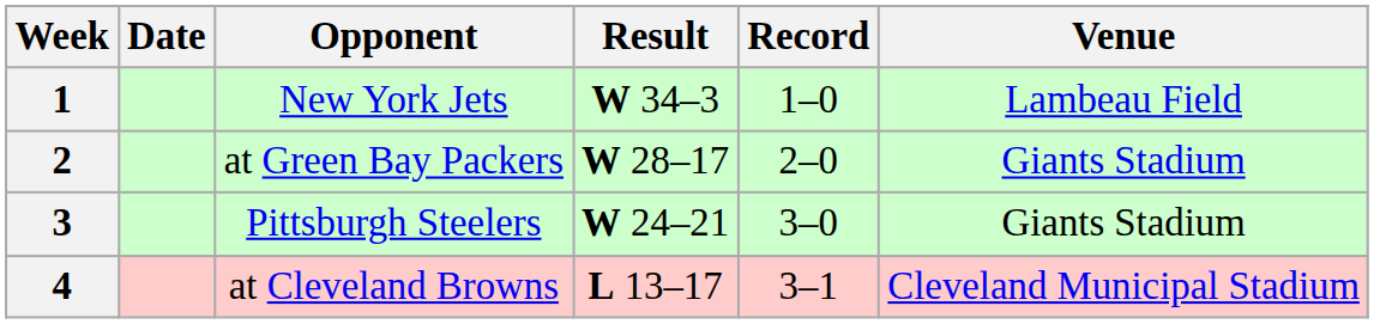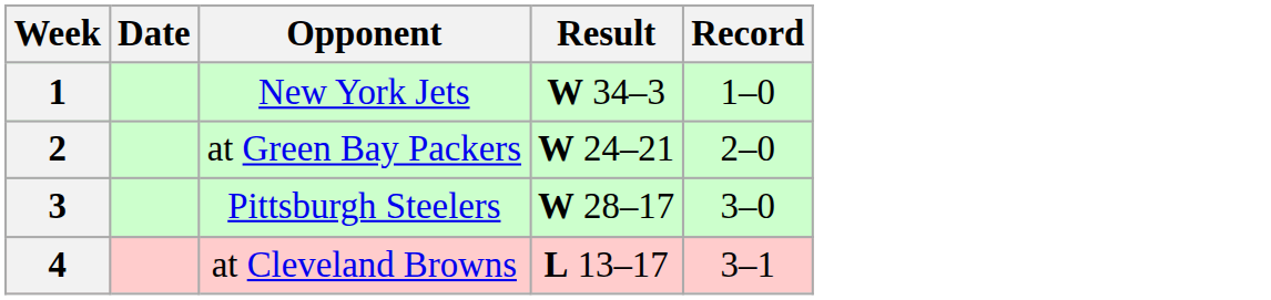 <table class="wikitable" style="text-align:center">
 <tr>
 <th>Week</th>
 <th>Date</th>
 <th>Opponent</th>
 <th>Result</th>
 <th>Record</th>
-<th>Venue</th>
 </tr>
 <tr style="background:#cfc">
 <th>1</th>
 <td></td>
 <td><a href='#'>New York Jets</a></td>
 <td><strong>W</strong> 34–3</td>
 <td>1–0</td>
-<td><a href='#'>Lambeau Field</a></td>
 </tr>
 <tr style="background:#cfc">
 <th>2</th>
 <td></td>
 <td>at <a href='#'>Green Bay Packers</a></td>
-<td><strong>W</strong> 28–17</td>
+<td><strong>W</strong> 24–21</td>
 <td>2–0</td>
-<td><a href='#'>Giants Stadium</a></td>
 </tr>
 <tr style="background:#cfc">
 <th>3</th>
 <td></td>
 <td><a href='#'>Pittsburgh Steelers</a></td>
-<td><strong>W</strong> 24–21</td>
+<td><strong>W</strong> 28–17</td>
 <td>3–0</td>
-<td>Giants Stadium</td>
 </tr>
 <tr style="background:#fcc">
 <th>4</th>
 <td></td>
 <td>at <a href='#'>Cleveland Browns</a></td>
 <td><strong>L</strong> 13–17</td>
 <td>3–1</td>
-<td><a href='#'>Cleveland Municipal Stadium</a></td>
 </tr>
 </table>
